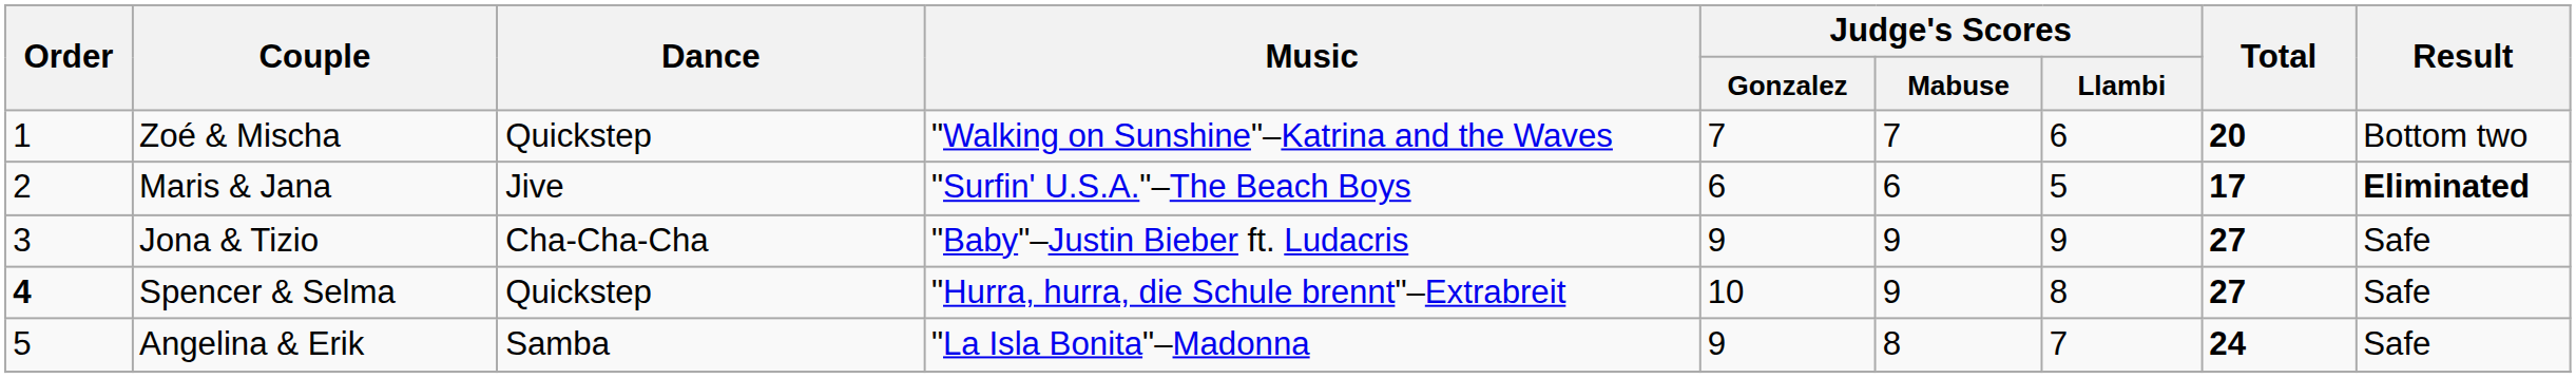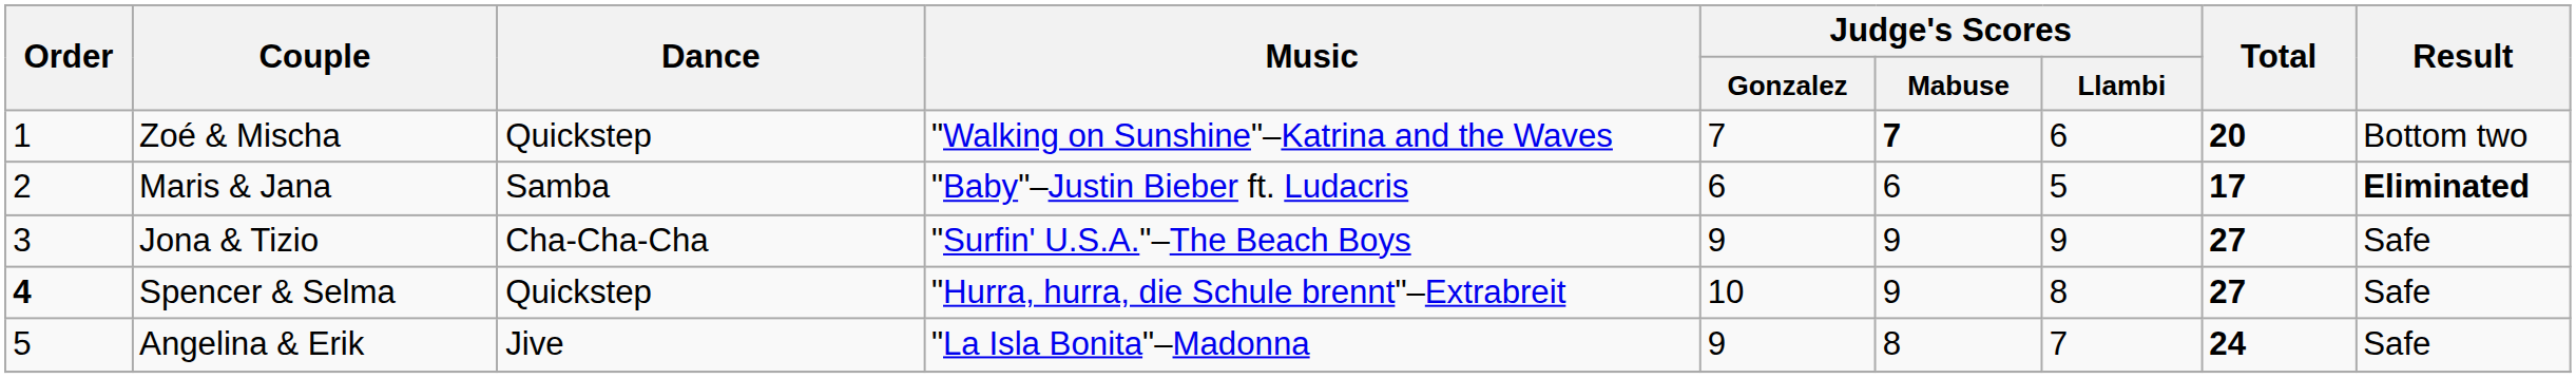 <table class="wikitable nowrap sortable center">
 <tr>
 <th rowspan="2" style="width: 4em">Order</th>
 <th rowspan="2" style="width: 17em">Couple</th>
 <th rowspan="2" style="width: 20em">Dance</th>
 <th rowspan="2" style="width: 40em">Music</th>
 <th colspan="3">Judge's Scores</th>
 <th rowspan="2" style="width: 6em">Total</th>
 <th rowspan="2" style="width: 7em">Result</th>
 </tr>
 <tr>
 <th style="width: 6em"><small>Gonzalez</small></th>
 <th style="width: 6em"><small>Mabuse</small></th>
 <th style="width: 6em"><small>Llambi</small></th>
 </tr>
 <tr>
 <td>1</td>
 <td>Zoé & Mischa</td>
 <td>Quickstep</td>
 <td>"<a href='#'>Walking on Sunshine</a>"–<a href='#'>Katrina and the Waves</a></td>
 <td>7</td>
-<td>7</td>
+<td><strong>7</strong></td>
 <td>6</td>
 <td><strong>20</strong></td>
 <td>Bottom two</td>
 </tr>
 <tr>
 <td>2</td>
 <td>Maris & Jana</td>
-<td>Jive</td>
-<td>"<a href='#'>Surfin' U.S.A.</a>"–<a href='#'>The Beach Boys</a></td>
+<td>Samba</td>
+<td>"<a href='#'>Baby</a>"–<a href='#'>Justin Bieber</a> ft. <a href='#'>Ludacris</a></td>
 <td>6</td>
 <td>6</td>
 <td>5</td>
 <td><strong>17</strong></td>
 <td><strong>Eliminated</strong></td>
 </tr>
 <tr>
 <td>3</td>
 <td>Jona & Tizio</td>
 <td>Cha-Cha-Cha</td>
-<td>"<a href='#'>Baby</a>"–<a href='#'>Justin Bieber</a> ft. <a href='#'>Ludacris</a></td>
+<td>"<a href='#'>Surfin' U.S.A.</a>"–<a href='#'>The Beach Boys</a></td>
 <td>9</td>
 <td>9</td>
 <td>9</td>
 <td><strong>27</strong></td>
 <td>Safe</td>
 </tr>
 <tr>
 <td><strong>4</strong></td>
 <td>Spencer & Selma</td>
 <td>Quickstep</td>
 <td>"<a href='#'>Hurra, hurra, die Schule brennt</a>"–<a href='#'>Extrabreit</a></td>
 <td>10</td>
 <td>9</td>
 <td>8</td>
 <td><strong>27</strong></td>
 <td>Safe</td>
 </tr>
 <tr>
 <td>5</td>
 <td>Angelina & Erik</td>
-<td>Samba</td>
+<td>Jive</td>
 <td>"<a href='#'>La Isla Bonita</a>"–<a href='#'>Madonna</a></td>
 <td>9</td>
 <td>8</td>
 <td>7</td>
 <td><strong>24</strong></td>
 <td>Safe</td>
 </tr>
 <tr>
 </tr>
 </table>
